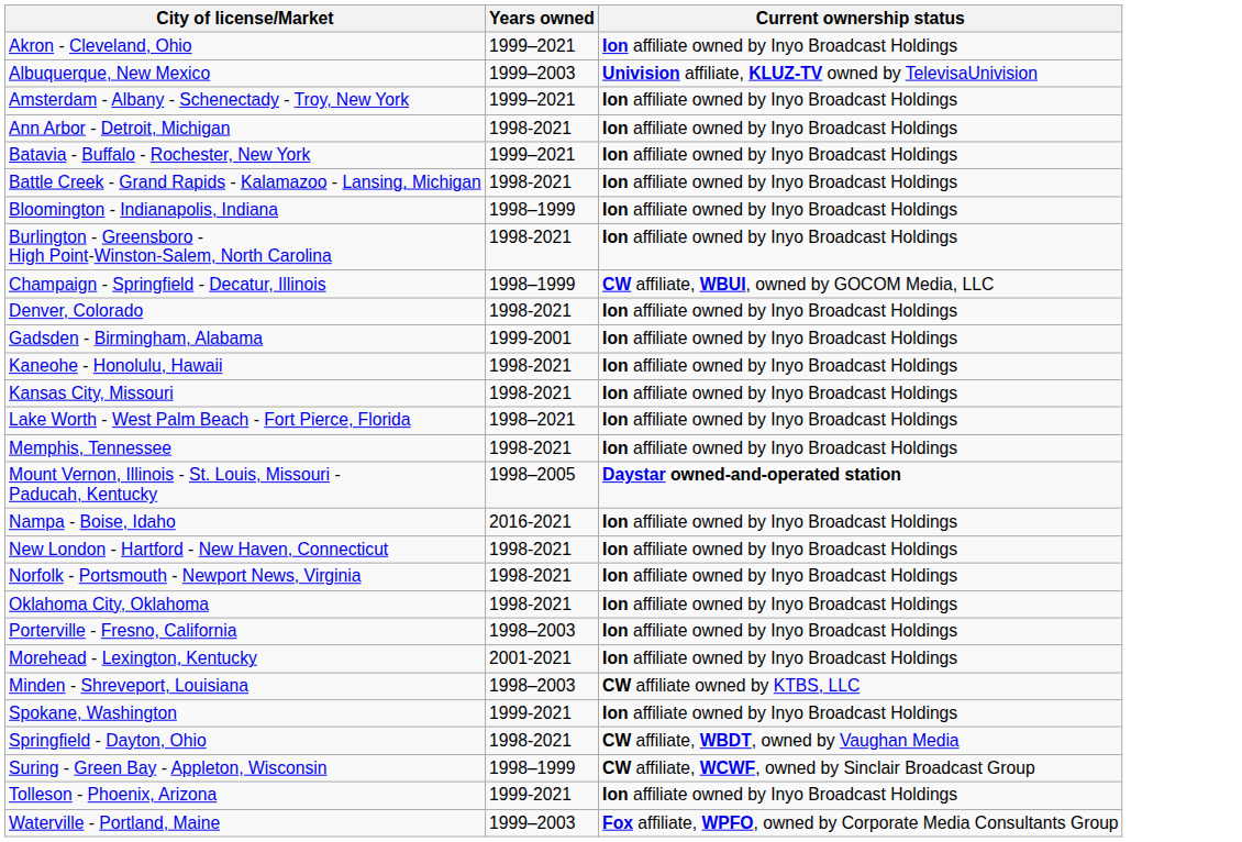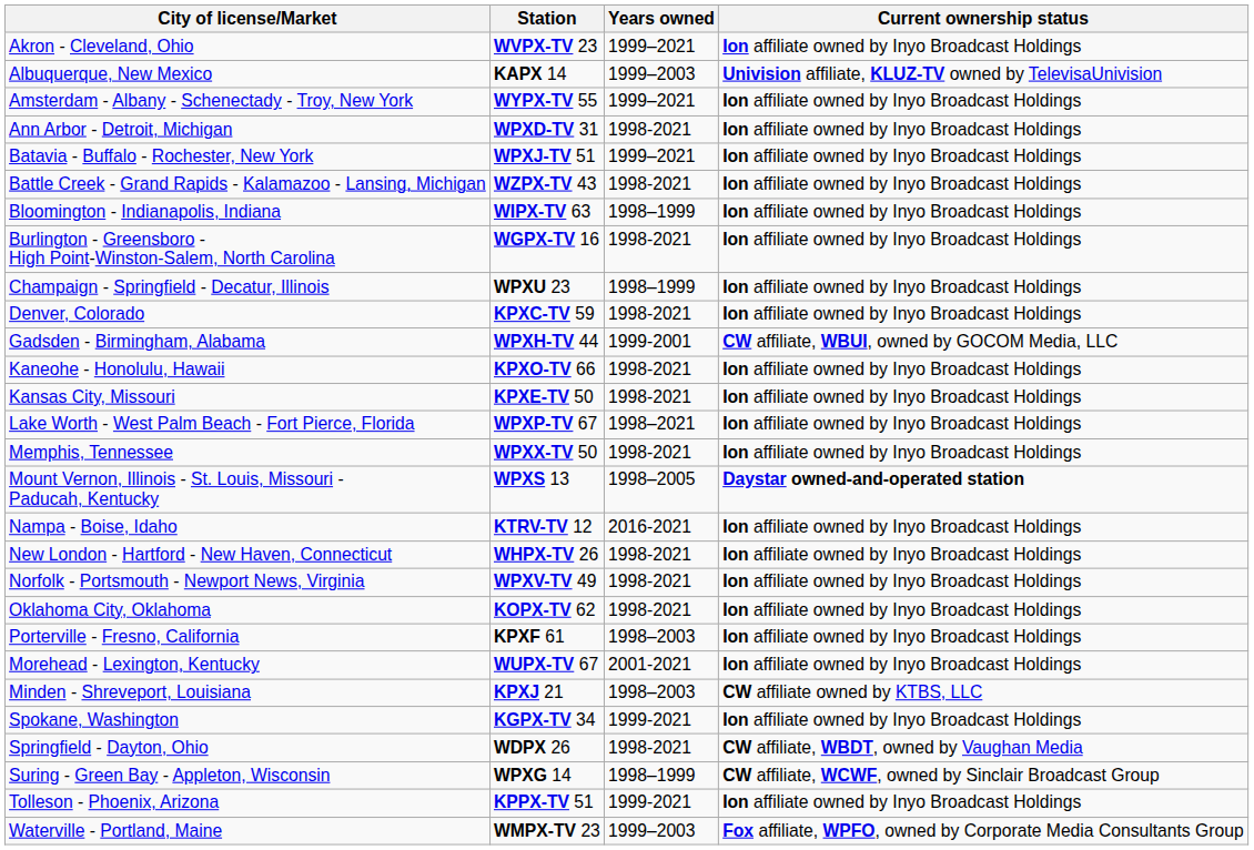 <table class="wikitable">
 <tr>
 <th>City of license/Market</th>
+<th>Station</th>
 <th>Years owned</th>
 <th>Current ownership status</th>
 </tr>
 <tr style="vertical-align: top; text-align: left;">
 <td><a href='#'>Akron</a> - <a href='#'>Cleveland, Ohio</a></td>
+<td><strong><a href='#'>WVPX-TV</a></strong> 23</td>
 <td>1999–2021</td>
 <td><strong><a href='#'>Ion</a></strong> affiliate owned by Inyo Broadcast Holdings</td>
 </tr>
 <tr style="vertical-align: top; text-align: left;">
 <td><a href='#'>Albuquerque, New Mexico</a></td>
+<td><strong>KAPX</strong> 14</td>
 <td>1999–2003</td>
 <td><strong><a href='#'>Univision</a></strong> affiliate, <strong><a href='#'>KLUZ-TV</a></strong> owned by <a href='#'>TelevisaUnivision</a><br></td>
 </tr>
 <tr style="vertical-align: top; text-align: left;">
 <td><a href='#'>Amsterdam</a> - <a href='#'>Albany</a> - <a href='#'>Schenectady</a> - <a href='#'>Troy, New York</a></td>
+<td><strong><a href='#'>WYPX-TV</a></strong> 55</td>
 <td>1999–2021</td>
 <td><strong>Ion</strong> affiliate owned by Inyo Broadcast Holdings</td>
 </tr>
 <tr style="vertical-align: top; text-align: left;">
 <td><a href='#'>Ann Arbor</a> - <a href='#'>Detroit, Michigan</a></td>
+<td><strong><a href='#'>WPXD-TV</a></strong> 31</td>
 <td>1998-2021</td>
 <td><strong>Ion</strong> affiliate owned by Inyo Broadcast Holdings</td>
 </tr>
 <tr style="vertical-align: top; text-align: left;">
 <td><a href='#'>Batavia</a> - <a href='#'>Buffalo</a> - <a href='#'>Rochester, New York</a></td>
+<td><strong><a href='#'>WPXJ-TV</a></strong> 51</td>
 <td>1999–2021</td>
 <td><strong>Ion</strong> affiliate owned by Inyo Broadcast Holdings</td>
 </tr>
 <tr style="vertical-align: top; text-align: left;">
 <td><a href='#'>Battle Creek</a> - <a href='#'>Grand Rapids</a> - <a href='#'>Kalamazoo</a> - <a href='#'>Lansing, Michigan</a></td>
+<td><strong><a href='#'>WZPX-TV</a></strong> 43</td>
 <td>1998-2021</td>
 <td><strong>Ion</strong> affiliate owned by Inyo Broadcast Holdings</td>
 </tr>
 <tr style="vertical-align: top; text-align: left;">
 <td><a href='#'>Bloomington</a> - <a href='#'>Indianapolis, Indiana</a></td>
+<td><strong><a href='#'>WIPX-TV</a></strong> 63</td>
 <td>1998–1999</td>
 <td><strong>Ion</strong> affiliate owned by Inyo Broadcast Holdings</td>
 </tr>
 <tr style="vertical-align: top; text-align: left;">
 <td><a href='#'>Burlington</a> - <a href='#'>Greensboro</a> - <br><a href='#'>High Point</a>-<a href='#'>Winston-Salem, North Carolina</a></td>
+<td><strong><a href='#'>WGPX-TV</a></strong> 16</td>
 <td>1998-2021</td>
 <td><strong>Ion</strong> affiliate owned by Inyo Broadcast Holdings</td>
 </tr>
 <tr style="vertical-align: top; text-align: left;">
 <td><a href='#'>Champaign</a> - <a href='#'>Springfield</a> - <a href='#'>Decatur, Illinois</a></td>
+<td><strong>WPXU</strong> 23</td>
 <td>1998–1999</td>
-<td><strong><a href='#'>CW</a></strong> affiliate, <strong><a href='#'>WBUI</a></strong>, owned by GOCOM Media, LLC<br></td>
+<td><strong>Ion</strong> affiliate owned by Inyo Broadcast Holdings</td>
 </tr>
 <tr style="vertical-align: top; text-align: left;">
 <td><a href='#'>Denver, Colorado</a></td>
+<td><strong><a href='#'>KPXC-TV</a></strong> 59</td>
 <td>1998-2021</td>
 <td><strong>Ion</strong> affiliate owned by Inyo Broadcast Holdings</td>
 </tr>
 <tr style="vertical-align: top; text-align: left;">
 <td><a href='#'>Gadsden</a> - <a href='#'>Birmingham, Alabama</a></td>
+<td><strong><a href='#'>WPXH-TV</a></strong> 44</td>
 <td>1999-2001</td>
-<td><strong>Ion</strong> affiliate owned by Inyo Broadcast Holdings</td>
+<td><strong><a href='#'>CW</a></strong> affiliate, <strong><a href='#'>WBUI</a></strong>, owned by GOCOM Media, LLC<br></td>
 </tr>
 <tr style="vertical-align: top; text-align: left;">
 <td><a href='#'>Kaneohe</a> - <a href='#'>Honolulu, Hawaii</a></td>
+<td><strong><a href='#'>KPXO-TV</a></strong> 66</td>
 <td>1998-2021</td>
 <td><strong>Ion</strong> affiliate owned by Inyo Broadcast Holdings</td>
 </tr>
 <tr style="vertical-align: top; text-align: left;">
 <td><a href='#'>Kansas City, Missouri</a></td>
+<td><strong><a href='#'>KPXE-TV</a></strong> 50</td>
 <td>1998-2021</td>
 <td><strong>Ion</strong> affiliate owned by Inyo Broadcast Holdings</td>
 </tr>
 <tr style="vertical-align: top; text-align: left;">
 <td><a href='#'>Lake Worth</a> - <a href='#'>West Palm Beach</a> - <a href='#'>Fort Pierce, Florida</a></td>
+<td><strong><a href='#'>WPXP-TV</a></strong> 67</td>
 <td>1998–2021</td>
 <td><strong>Ion</strong> affiliate owned by Inyo Broadcast Holdings</td>
 </tr>
 <tr style="vertical-align: top; text-align: left;">
 <td><a href='#'>Memphis, Tennessee</a></td>
+<td><strong><a href='#'>WPXX-TV</a></strong> 50</td>
 <td>1998-2021</td>
 <td><strong>Ion</strong> affiliate owned by Inyo Broadcast Holdings</td>
 </tr>
 <tr style="vertical-align: top; text-align: left;">
 <td><a href='#'>Mount Vernon, Illinois</a> - <a href='#'>St. Louis, Missouri</a> - <br><a href='#'>Paducah, Kentucky</a></td>
+<td><strong><a href='#'>WPXS</a></strong> 13</td>
 <td>1998–2005</td>
 <td><strong><a href='#'>Daystar</a> owned-and-operated station</strong></td>
 </tr>
 <tr style="vertical-align: top; text-align: left;">
 <td><a href='#'>Nampa</a> - <a href='#'>Boise, Idaho</a></td>
+<td><strong><a href='#'>KTRV-TV</a></strong> 12</td>
 <td>2016-2021</td>
 <td><strong>Ion</strong> affiliate owned by Inyo Broadcast Holdings</td>
 </tr>
 <tr style="vertical-align: top; text-align: left;">
 <td><a href='#'>New London</a> - <a href='#'>Hartford</a> - <a href='#'>New Haven, Connecticut</a></td>
+<td><strong><a href='#'>WHPX-TV</a></strong> 26</td>
 <td>1998-2021</td>
 <td><strong>Ion</strong> affiliate owned by Inyo Broadcast Holdings</td>
 </tr>
 <tr style="vertical-align: top; text-align: left;">
 <td><a href='#'>Norfolk</a> - <a href='#'>Portsmouth</a> - <a href='#'>Newport News, Virginia</a></td>
+<td><strong><a href='#'>WPXV-TV</a></strong> 49</td>
 <td>1998-2021</td>
 <td><strong>Ion</strong> affiliate owned by Inyo Broadcast Holdings</td>
 </tr>
 <tr style="vertical-align: top; text-align: left;">
 <td><a href='#'>Oklahoma City, Oklahoma</a></td>
+<td><strong><a href='#'>KOPX-TV</a></strong> 62</td>
 <td>1998-2021</td>
 <td><strong>Ion</strong> affiliate owned by Inyo Broadcast Holdings</td>
 </tr>
 <tr style="vertical-align: top; text-align: left;">
 <td><a href='#'>Porterville</a> - <a href='#'>Fresno, California</a></td>
+<td><strong>KPXF</strong> 61</td>
 <td>1998–2003</td>
 <td><strong>Ion</strong> affiliate owned by Inyo Broadcast Holdings</td>
 </tr>
 <tr style="vertical-align: top; text-align: left;">
 <td><a href='#'>Morehead</a> - <a href='#'>Lexington, Kentucky</a></td>
+<td><strong><a href='#'>WUPX-TV</a></strong> 67</td>
 <td>2001-2021</td>
 <td><strong>Ion</strong> affiliate owned by Inyo Broadcast Holdings</td>
 </tr>
 <tr style="vertical-align: top; text-align: left">
 <td><a href='#'>Minden</a> - <a href='#'>Shreveport, Louisiana</a></td>
+<td><strong><a href='#'>KPXJ</a></strong> 21</td>
 <td>1998–2003</td>
 <td><strong>CW</strong> affiliate owned by <a href='#'>KTBS, LLC</a></td>
 </tr>
 <tr style="vertical-align: top; text-align: left;">
 <td><a href='#'>Spokane, Washington</a></td>
+<td><strong><a href='#'>KGPX-TV</a></strong> 34</td>
 <td>1999-2021</td>
 <td><strong>Ion</strong> affiliate owned by Inyo Broadcast Holdings</td>
 </tr>
 <tr style="vertical-align: top; text-align: left">
 <td><a href='#'>Springfield</a> - <a href='#'>Dayton, Ohio</a></td>
+<td><strong>WDPX</strong> 26</td>
 <td>1998-2021</td>
 <td><strong>CW</strong> affiliate, <strong><a href='#'>WBDT</a></strong>, owned by <a href='#'>Vaughan Media</a><br></td>
 </tr>
 <tr style="vertical-align: top; text-align: left;">
 <td><a href='#'>Suring</a> - <a href='#'>Green Bay</a> - <a href='#'>Appleton, Wisconsin</a></td>
+<td><strong>WPXG</strong> 14</td>
 <td>1998–1999</td>
 <td><strong>CW</strong> affiliate, <strong><a href='#'>WCWF</a></strong>, owned by Sinclair Broadcast Group</td>
 </tr>
 <tr style="vertical-align: top; text-align: left;">
 <td><a href='#'>Tolleson</a> - <a href='#'>Phoenix, Arizona</a></td>
+<td><strong><a href='#'>KPPX-TV</a></strong> 51</td>
 <td>1999-2021</td>
 <td><strong>Ion</strong> affiliate owned by Inyo Broadcast Holdings</td>
 </tr>
 <tr style="vertical-align: top; text-align: left">
 <td><a href='#'>Waterville</a> - <a href='#'>Portland, Maine</a></td>
+<td><strong>WMPX-TV</strong> 23</td>
 <td>1999–2003</td>
 <td><strong><a href='#'>Fox</a></strong> affiliate, <strong><a href='#'>WPFO</a></strong>, owned by Corporate Media Consultants Group<br></td>
 </tr>
 </table>
